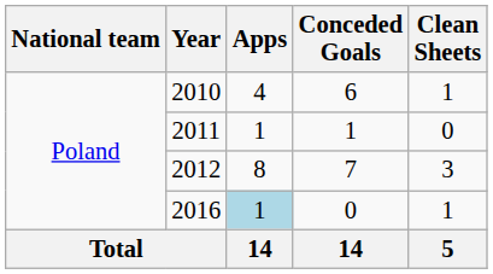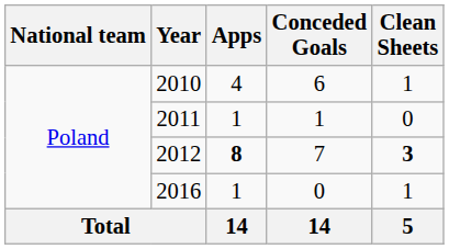 <table class="wikitable" style="text-align:center">
 <tr>
 <th>National team</th>
 <th>Year</th>
 <th>Apps</th>
 <th>Conceded<br>Goals</th>
 <th>Clean<br>Sheets</th>
 </tr>
 <tr>
 <td rowspan="4" style="vertical-align:center;"><a href='#'>Poland</a></td>
 <td>2010</td>
 <td>4</td>
 <td>6</td>
 <td>1</td>
 </tr>
 <tr>
 <td>2011</td>
 <td>1</td>
 <td>1</td>
 <td>0</td>
 </tr>
 <tr>
 <td>2012</td>
-<td>8</td>
+<td><strong>8</strong></td>
 <td>7</td>
-<td>3</td>
+<td><strong>3</strong></td>
 </tr>
 <tr>
 <td>2016</td>
-<td style="background: lightblue;">1</td>
+<td>1</td>
 <td>0</td>
 <td>1</td>
 </tr>
 <tr>
 <th colspan="2">Total</th>
 <th>14</th>
 <th>14</th>
 <th>5</th>
 </tr>
 </table>
